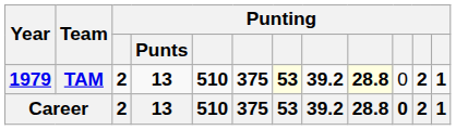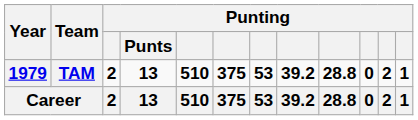 <table class=wikitable style="text-align:center;">
 <tr>
 <th rowspan="2">Year</th>
 <th rowspan="2">Team</th>
 <th colspan="10">Punting</th>
 </tr>
 <tr>
 <th></th>
 <th>Punts</th>
 <th></th>
 <th></th>
 <th></th>
 <th></th>
 <th></th>
 <th></th>
 <th></th>
 <th></th>
 </tr>
 <tr>
 <th><a href='#'>1979</a></th>
 <th><a href='#'>TAM</a></th>
 <td><strong>2</strong></td>
 <td><strong>13</strong></td>
 <td><strong>510</strong></td>
 <td><strong>375</strong></td>
-<td style="background: lightyellow;"><strong>53</strong></td>
+<td><strong>53</strong></td>
 <td><strong>39.2</strong></td>
-<td style="background: lightyellow;"><strong>28.8</strong></td>
-<td>0</td>
+<td><strong>28.8</strong></td>
+<td><strong>0</strong></td>
 <td><strong>2</strong></td>
 <td><strong>1</strong></td>
 </tr>
 <tr>
 <th colspan="2">Career</th>
 <th>2</th>
 <th>13</th>
 <th>510</th>
 <th>375</th>
 <th>53</th>
 <th>39.2</th>
 <th>28.8</th>
 <th>0</th>
 <th>2</th>
 <th>1</th>
 </tr>
 </table>
